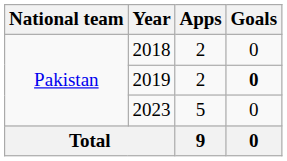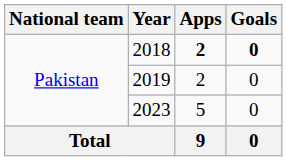 <table class="wikitable" style="text-align: center;">
 <tr>
 <th>National team</th>
 <th>Year</th>
 <th>Apps</th>
 <th>Goals</th>
 </tr>
 <tr>
 <td rowspan="3"><a href='#'>Pakistan</a></td>
 <td>2018</td>
-<td>2</td>
-<td>0</td>
+<td><strong>2</strong></td>
+<td><strong>0</strong></td>
 </tr>
 <tr>
 <td>2019</td>
 <td>2</td>
-<td><strong>0</strong></td>
+<td>0</td>
 </tr>
 <tr>
 <td>2023</td>
 <td>5</td>
 <td>0</td>
 </tr>
 <tr>
 <th colspan="2">Total</th>
 <th>9</th>
 <th>0</th>
 </tr>
 </table>
